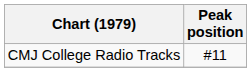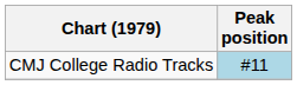 <table class="wikitable">
 <tr>
 <th>Chart (1979)</th>
 <th>Peak<br>position</th>
 </tr>
 <tr>
 <td>CMJ College Radio Tracks</td>
-<td align="center">#11</td>
+<td align="center" style="background: lightblue;">#11</td>
 </tr>
 <tr>
 </tr>
 </table>
